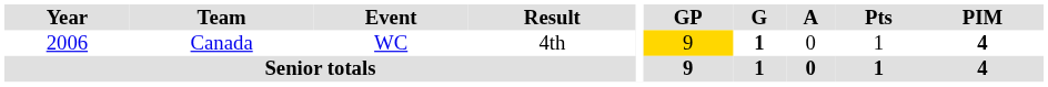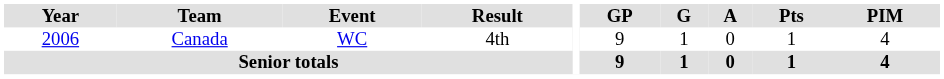 <table border="0" cellpadding="1" cellspacing="0" style="text-align:center; width:50em">
 <tr bgcolor="#e0e0e0">
 <th>Year</th>
 <th>Team</th>
 <th>Event</th>
 <th>Result</th>
 <th rowspan="99" bgcolor="#ffffff"></th>
 <th>GP</th>
 <th>G</th>
 <th>A</th>
 <th>Pts</th>
 <th>PIM</th>
 </tr>
 <tr>
 <td><a href='#'>2006</a></td>
 <td><a href='#'>Canada</a></td>
 <td><a href='#'>WC</a></td>
 <td>4th</td>
-<td style="background: gold;">9</td>
-<td><strong>1</strong></td>
+<td>9</td>
+<td>1</td>
 <td>0</td>
 <td>1</td>
-<td><strong>4</strong></td>
+<td>4</td>
 </tr>
 <tr bgcolor="#e0e0e0">
 <th colspan="4">Senior totals</th>
 <th>9</th>
 <th>1</th>
 <th>0</th>
 <th>1</th>
 <th>4</th>
 </tr>
 </table>
